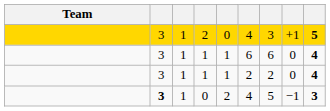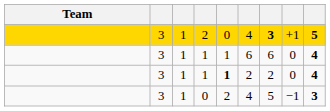 <table class="wikitable" style="text-align: center;">
 <tr>
 <th width="175">Team</th>
 <th width="20"></th>
 <th width="20"></th>
 <th width="20"></th>
 <th width="20"></th>
 <th width="20"></th>
 <th width="20"></th>
 <th width="20"></th>
 <th width="20"></th>
 </tr>
 <tr bgcolor="gold">
 <td align=left></td>
 <td>3</td>
 <td>1</td>
 <td>2</td>
 <td>0</td>
 <td>4</td>
-<td>3</td>
+<td><strong>3</strong></td>
 <td>+1</td>
 <td><strong>5</strong></td>
 </tr>
 <tr bgcolor="">
 <td align=left></td>
 <td>3</td>
 <td>1</td>
 <td>1</td>
 <td>1</td>
 <td>6</td>
 <td>6</td>
 <td>0</td>
 <td><strong>4</strong></td>
 </tr>
 <tr bgcolor="">
 <td align=left></td>
 <td>3</td>
 <td>1</td>
 <td>1</td>
-<td>1</td>
+<td><strong>1</strong></td>
 <td>2</td>
 <td>2</td>
 <td>0</td>
 <td><strong>4</strong></td>
 </tr>
 <tr bgcolor="">
 <td align=left></td>
-<td><strong>3</strong></td>
+<td>3</td>
 <td>1</td>
 <td>0</td>
 <td>2</td>
 <td>4</td>
 <td>5</td>
 <td>−1</td>
 <td><strong>3</strong></td>
 </tr>
 </table>
